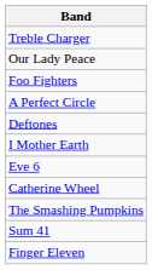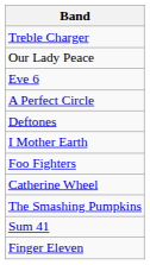 <table class=wikitable>
 <tr>
 <th>Band</th>
 </tr>
 <tr>
 <td><a href='#'>Treble Charger</a></td>
 </tr>
 <tr>
 <td>Our Lady Peace</td>
 </tr>
 <tr>
-<td><a href='#'>Foo Fighters</a></td>
+<td><a href='#'>Eve 6</a></td>
 </tr>
 <tr>
 <td><a href='#'>A Perfect Circle</a></td>
 </tr>
 <tr>
 <td><a href='#'>Deftones</a></td>
 </tr>
 <tr>
 <td><a href='#'>I Mother Earth</a></td>
 </tr>
 <tr>
-<td><a href='#'>Eve 6</a></td>
+<td><a href='#'>Foo Fighters</a></td>
 </tr>
 <tr>
 <td><a href='#'>Catherine Wheel</a></td>
 </tr>
 <tr>
 <td><a href='#'>The Smashing Pumpkins</a></td>
 </tr>
 <tr>
 <td><a href='#'>Sum 41</a></td>
 </tr>
 <tr>
 <td><a href='#'>Finger Eleven</a></td>
 </tr>
 </table>
